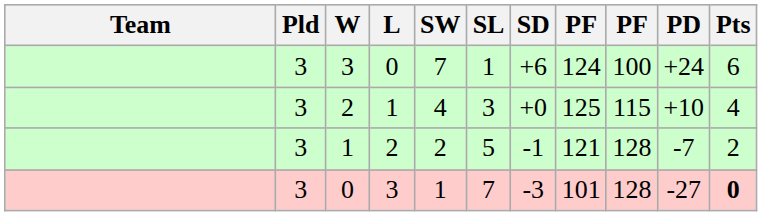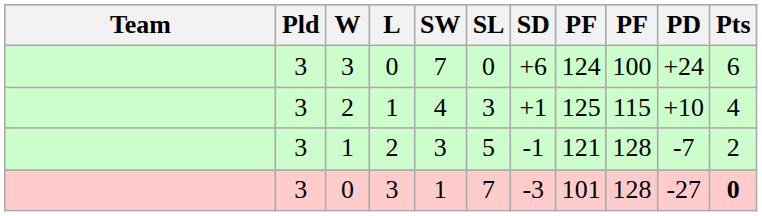 <table class="wikitable" style="text-align:center">
 <tr>
 <th width="160">Team</th>
 <th width="20">Pld</th>
 <th width="20">W</th>
 <th width="20">L</th>
 <th width="20">SW</th>
 <th width="20">SL</th>
 <th width="20">SD</th>
 <th width="20">PF</th>
 <th width="20">PF</th>
 <th width="20">PD</th>
 <th width="20">Pts</th>
 </tr>
 <tr bgcolor="ccffcc">
 <td align="left"></td>
 <td>3</td>
 <td>3</td>
 <td>0</td>
 <td>7</td>
-<td>1</td>
+<td>0</td>
 <td>+6</td>
 <td>124</td>
 <td>100</td>
 <td>+24</td>
 <td>6</td>
 </tr>
 <tr bgcolor="ccffcc">
 <td align="left"></td>
 <td>3</td>
 <td>2</td>
 <td>1</td>
 <td>4</td>
 <td>3</td>
-<td>+0</td>
+<td>+1</td>
 <td>125</td>
 <td>115</td>
 <td>+10</td>
 <td>4</td>
 </tr>
 <tr bgcolor="ccffcc">
 <td align="left"></td>
 <td>3</td>
 <td>1</td>
 <td>2</td>
-<td>2</td>
+<td>3</td>
 <td>5</td>
 <td>-1</td>
 <td>121</td>
 <td>128</td>
 <td>-7</td>
 <td>2</td>
 </tr>
 <tr bgcolor="ffcccc">
 <td align="left"></td>
 <td>3</td>
 <td>0</td>
 <td>3</td>
 <td>1</td>
 <td>7</td>
 <td>-3</td>
 <td>101</td>
 <td>128</td>
 <td>-27</td>
 <td><strong>0</strong></td>
 </tr>
 </table>
